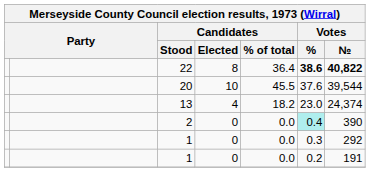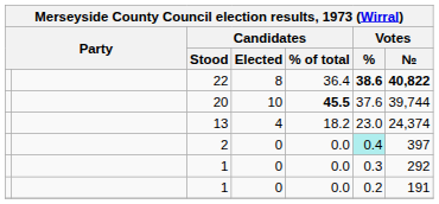 <table class="wikitable" style="font-size:95%">
 <tr>
 <th colspan="16" style="background-color:#f2f2f2">Merseyside County Council election results, 1973 (<a href='#'>Wirral</a>)</th>
 </tr>
 <tr style="vertical-align:center;">
 <th colspan="2" rowspan="2">Party</th>
 <th colspan="3" style="width: 30px">Candidates</th>
 <th colspan="2" style="width: 30px">Votes</th>
 </tr>
 <tr>
 <th>Stood</th>
 <th>Elected</th>
 <th>% of total</th>
 <th>%</th>
 <th>№</th>
 </tr>
 <tr>
 <td style="background-color: "></td>
 <td style="width: 190px"><a href='#'></a></td>
 <td style="text-align:right; ">22</td>
 <td style="text-align:right; ">8</td>
 <td style="text-align:right; ">36.4</td>
 <td style="text-align:right; "><strong>38.6</strong></td>
 <td style="text-align:right; "><strong>40,822</strong></td>
 </tr>
 <tr>
 <td style="background-color: "></td>
 <td style="width: 190px"><a href='#'></a></td>
 <td style="text-align:right; ">20</td>
 <td style="text-align:right; ">10</td>
-<td style="text-align:right; ">45.5</td>
+<td style="text-align:right; "><strong>45.5</strong></td>
 <td style="text-align:right; ">37.6</td>
-<td style="text-align:right; ">39,544</td>
+<td style="text-align:right; ">39,744</td>
 </tr>
 <tr>
 <td style="background-color: "></td>
 <td style="width: 190px"><a href='#'></a></td>
 <td style="text-align:right; ">13</td>
 <td style="text-align:right; ">4</td>
 <td style="text-align:right; ">18.2</td>
 <td style="text-align:right; ">23.0</td>
 <td style="text-align:right; ">24,374</td>
 </tr>
 <tr>
 <td style="background-color: "></td>
 <td style="width: 190px"><a href='#'></a></td>
 <td style="text-align:right; ">2</td>
 <td style="text-align:right; ">0</td>
 <td style="text-align:right; ">0.0</td>
 <td style="background: paleturquoise; text-align:right; ">0.4</td>
-<td style="text-align:right; ">390</td>
+<td style="text-align:right; ">397</td>
 </tr>
 <tr>
 <td style="background-color: "></td>
 <td style="width: 190px"><a href='#'></a></td>
 <td style="text-align:right; ">1</td>
 <td style="text-align:right; ">0</td>
 <td style="text-align:right; ">0.0</td>
 <td style="text-align:right; ">0.3</td>
 <td style="text-align:right; ">292</td>
 </tr>
 <tr>
 <td style="background-color: "></td>
 <td style="width: 190px"><a href='#'></a></td>
 <td style="text-align:right; ">1</td>
 <td style="text-align:right; ">0</td>
 <td style="text-align:right; ">0.0</td>
 <td style="text-align:right; ">0.2</td>
 <td style="text-align:right; ">191</td>
 </tr>
 <tr>
 </tr>
 </table>
